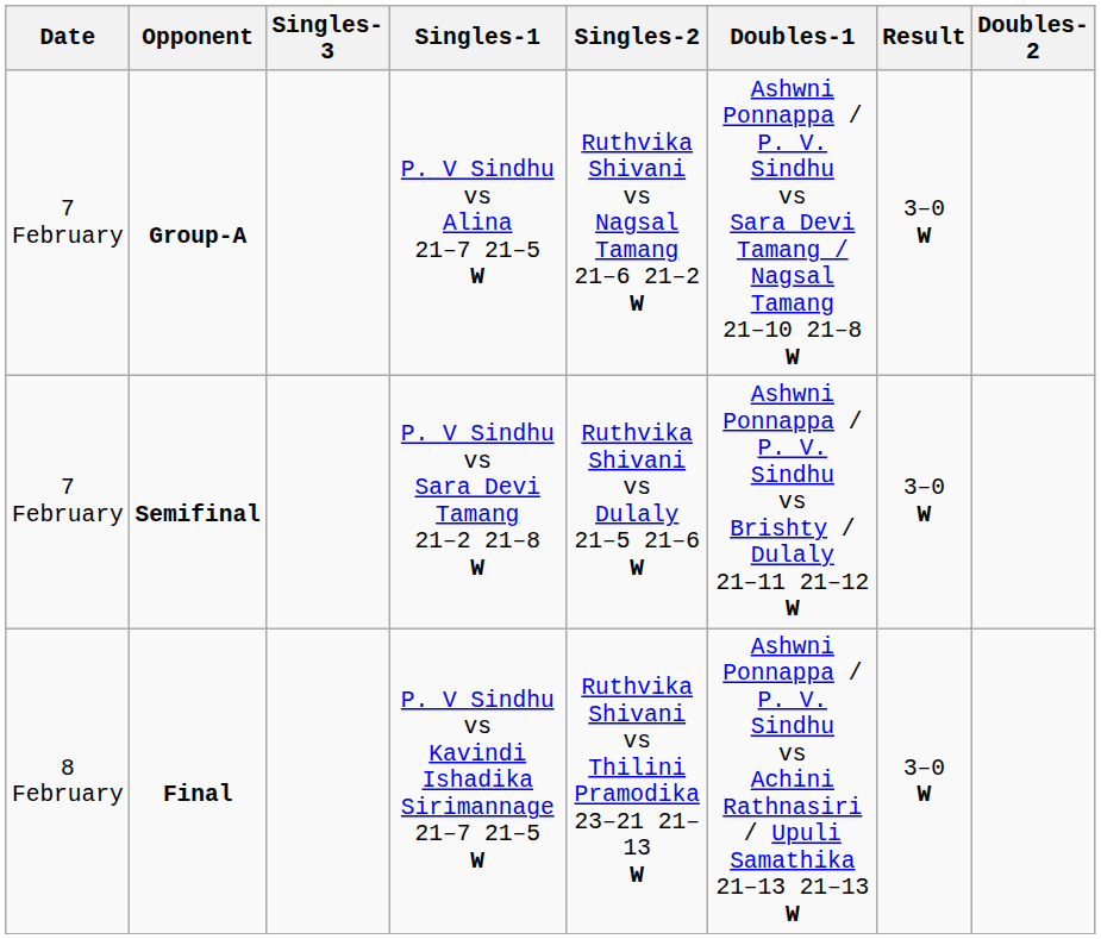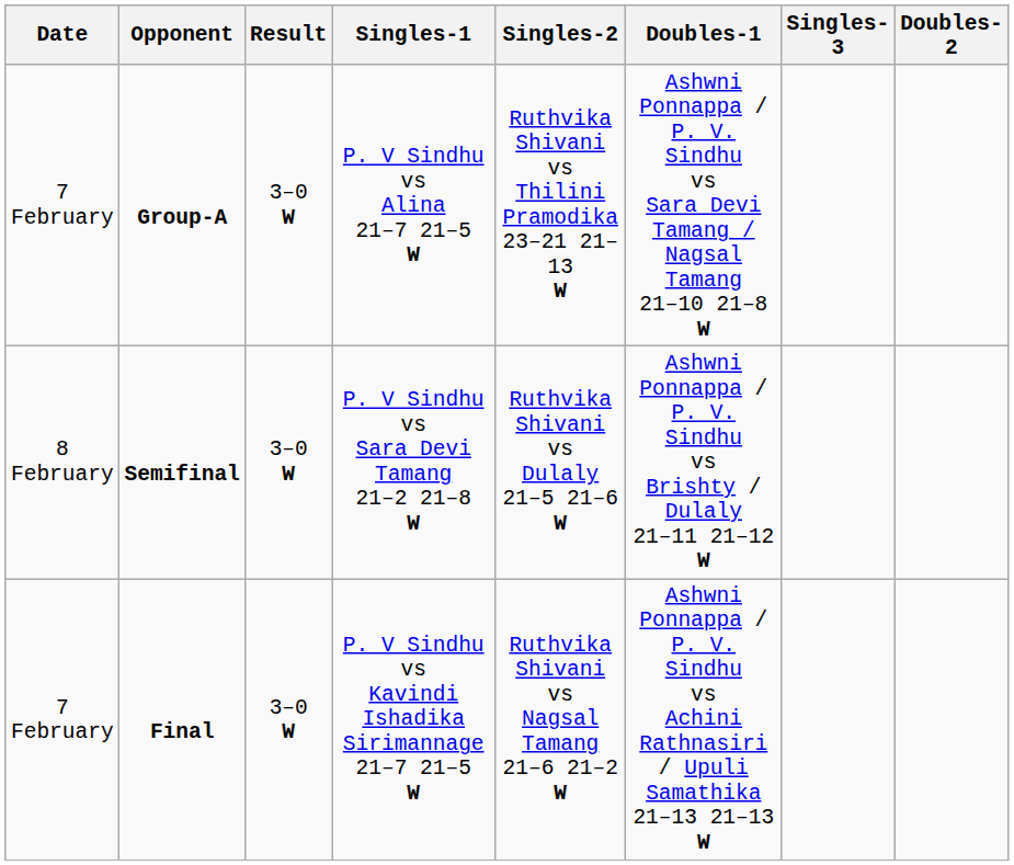 <table class="wikitable" border="1" style="text-align:center;" -align="center">
 <tr>
 <th>Date</th>
 <th>Opponent</th>
-<th>Singles-3</th>
+<th>Result</th>
 <th>Singles-1</th>
 <th>Singles-2</th>
 <th>Doubles-1</th>
-<th>Result</th>
+<th>Singles-3</th>
 <th>Doubles-2</th>
 </tr>
 <tr>
 <td>7 February</td>
 <td><br><strong>Group-A</strong></td>
+<td>3–0<br><strong>W</strong></td>
+<td><a href='#'>P. V Sindhu</a><br>vs<br><a href='#'>Alina</a><br>21–7 21–5<br><strong>W</strong></td>
+<td><a href='#'>Ruthvika Shivani</a><br>vs<br><a href='#'>Thilini Pramodika</a><br>23–21 21–13<br><strong>W</strong></td>
+<td><a href='#'>Ashwni Ponnappa</a> / <a href='#'>P. V. Sindhu</a><br>vs<br><a href='#'>Sara Devi Tamang / Nagsal Tamang</a><br>21–10 21–8<br><strong>W</strong></td>
 <td></td>
-<td><a href='#'>P. V Sindhu</a><br>vs<br><a href='#'>Alina</a><br>21–7 21–5<br><strong>W</strong></td>
-<td><a href='#'>Ruthvika Shivani</a><br>vs<br><a href='#'>Nagsal Tamang</a><br>21–6 21–2<br><strong>W</strong></td>
-<td><a href='#'>Ashwni Ponnappa</a> / <a href='#'>P. V. Sindhu</a><br>vs<br><a href='#'>Sara Devi Tamang / Nagsal Tamang</a><br>21–10 21–8<br><strong>W</strong></td>
+<td></td>
+</tr>
+<tr align=center>
+<td>8 February</td>
+<td><br><strong>Semifinal</strong></td>
 <td>3–0<br><strong>W</strong></td>
+<td><a href='#'>P. V Sindhu</a><br>vs<br><a href='#'>Sara Devi Tamang</a><br>21–2 21–8<br><strong>W</strong></td>
+<td><a href='#'>Ruthvika Shivani</a><br>vs<br><a href='#'>Dulaly</a><br>21–5 21–6<br><strong>W</strong></td>
+<td><a href='#'>Ashwni Ponnappa</a> / <a href='#'>P. V. Sindhu</a><br>vs<br><a href='#'>Brishty</a> / <a href='#'>Dulaly</a><br>21–11 21–12 <strong>W</strong></td>
+<td></td>
 <td></td>
 </tr>
 <tr align=center>
 <td>7 February</td>
-<td><br><strong>Semifinal</strong></td>
+<td><br><strong>Final</strong><br></td>
+<td>3–0<br><strong>W</strong></td>
+<td><a href='#'>P. V Sindhu</a><br>vs<br><a href='#'>Kavindi Ishadika Sirimannage</a><br>21–7 21–5<br><strong>W</strong></td>
+<td><a href='#'>Ruthvika Shivani</a><br>vs<br><a href='#'>Nagsal Tamang</a><br>21–6 21–2<br><strong>W</strong></td>
+<td><a href='#'>Ashwni Ponnappa</a> / <a href='#'>P. V. Sindhu</a><br>vs<br><a href='#'>Achini Rathnasiri</a> / <a href='#'>Upuli Samathika</a><br>21–13 21–13<br><strong>W</strong></td>
 <td></td>
-<td><a href='#'>P. V Sindhu</a><br>vs<br><a href='#'>Sara Devi Tamang</a><br>21–2 21–8<br><strong>W</strong></td>
-<td><a href='#'>Ruthvika Shivani</a><br>vs<br><a href='#'>Dulaly</a><br>21–5 21–6<br><strong>W</strong></td>
-<td><a href='#'>Ashwni Ponnappa</a> / <a href='#'>P. V. Sindhu</a><br>vs<br><a href='#'>Brishty</a> / <a href='#'>Dulaly</a><br>21–11 21–12 <strong>W</strong></td>
-<td>3–0<br><strong>W</strong></td>
-<td></td>
-</tr>
-<tr align=center>
-<td>8 February</td>
-<td><br><strong>Final</strong><br></td>
-<td></td>
-<td><a href='#'>P. V Sindhu</a><br>vs<br><a href='#'>Kavindi Ishadika Sirimannage</a><br>21–7 21–5<br><strong>W</strong></td>
-<td><a href='#'>Ruthvika Shivani</a><br>vs<br><a href='#'>Thilini Pramodika</a><br>23–21 21–13<br><strong>W</strong></td>
-<td><a href='#'>Ashwni Ponnappa</a> / <a href='#'>P. V. Sindhu</a><br>vs<br><a href='#'>Achini Rathnasiri</a> / <a href='#'>Upuli Samathika</a><br>21–13 21–13<br><strong>W</strong></td>
-<td>3–0<br><strong>W</strong></td>
 <td></td>
 </tr>
 </table>
